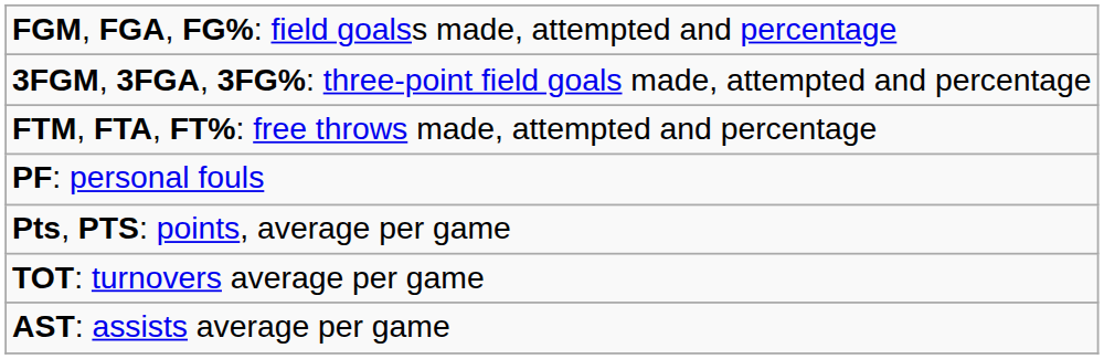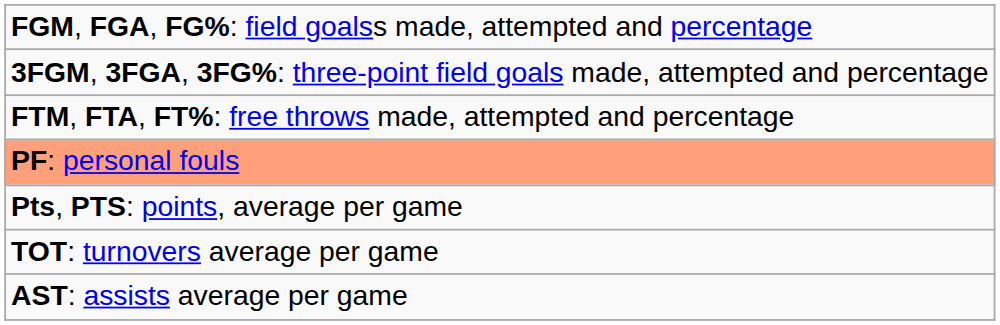 <table class="wikitable" style="margin:1em auto;">
 <tr>
 <td><strong>FGM</strong>, <strong>FGA</strong>, <strong>FG%</strong>: <a href='#'>field goals</a>s made, attempted and <a href='#'>percentage</a></td>
 </tr>
 <tr>
 <td><strong>3FGM</strong>, <strong>3FGA</strong>, <strong>3FG%</strong>: <a href='#'>three-point field goals</a> made, attempted and percentage</td>
 </tr>
 <tr>
 <td><strong>FTM</strong>, <strong>FTA</strong>, <strong>FT%</strong>: <a href='#'>free throws</a> made, attempted and percentage</td>
 </tr>
 <tr>
-<td><strong>PF</strong>: <a href='#'>personal fouls</a></td>
+<td style="background: lightsalmon;"><strong>PF</strong>: <a href='#'>personal fouls</a></td>
 </tr>
 <tr>
 <td><strong>Pts</strong>, <strong>PTS</strong>: <a href='#'>points</a>, average per game</td>
 </tr>
 <tr>
 <td><strong>TOT</strong>: <a href='#'>turnovers</a> average per game</td>
 </tr>
 <tr>
 <td><strong>AST</strong>: <a href='#'>assists</a> average per game</td>
 </tr>
 </table>
